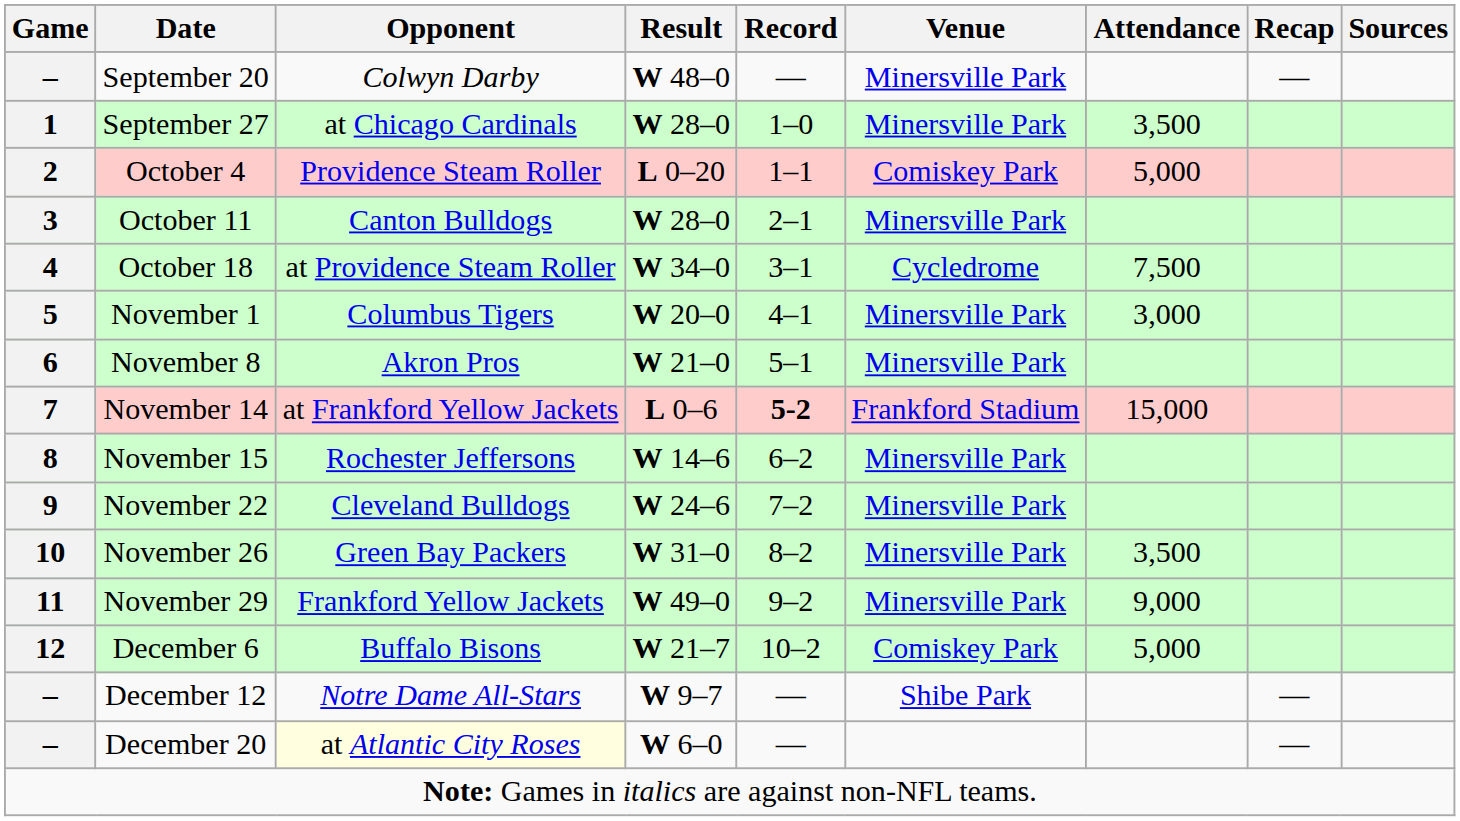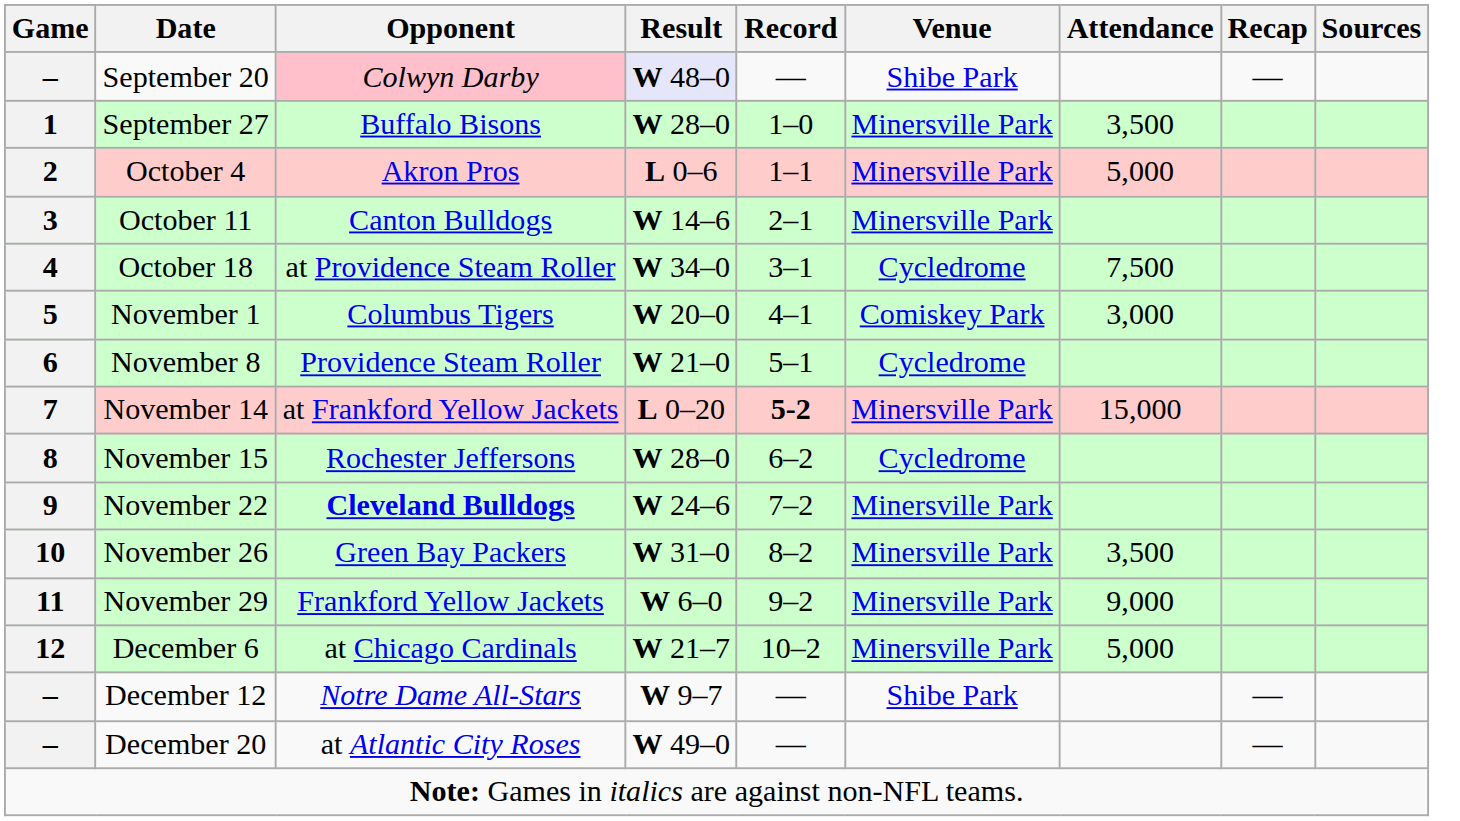 <table class="wikitable" style="text-align:center">
 <tr>
 <th>Game</th>
 <th>Date</th>
 <th>Opponent</th>
 <th>Result</th>
 <th>Record</th>
 <th>Venue</th>
 <th>Attendance</th>
 <th>Recap</th>
 <th>Sources</th>
 </tr>
 <tr>
 <th>–</th>
 <td>September 20</td>
-<td><em>Colwyn Darby</em></td>
-<td><strong>W</strong> 48–0</td>
+<td style="background: pink;"><em>Colwyn Darby</em></td>
+<td style="background: lavender;"><strong>W</strong> 48–0</td>
 <td>—</td>
-<td><a href='#'>Minersville Park</a></td>
+<td><a href='#'>Shibe Park</a></td>
 <td></td>
 <td>—</td>
 <td></td>
 </tr>
 <tr style="background:#cfc">
 <th>1</th>
 <td>September 27</td>
-<td>at <a href='#'>Chicago Cardinals</a></td>
+<td><a href='#'>Buffalo Bisons</a></td>
 <td><strong>W</strong> 28–0</td>
 <td>1–0</td>
 <td><a href='#'>Minersville Park</a></td>
 <td>3,500</td>
 <td></td>
 <td></td>
 </tr>
 <tr style="background:#fcc">
 <th>2</th>
 <td>October 4</td>
-<td><a href='#'>Providence Steam Roller</a></td>
-<td><strong>L</strong> 0–20</td>
+<td><a href='#'>Akron Pros</a></td>
+<td><strong>L</strong> 0–6</td>
 <td>1–1</td>
-<td><a href='#'>Comiskey Park</a></td>
+<td><a href='#'>Minersville Park</a></td>
 <td>5,000</td>
 <td></td>
 <td></td>
 </tr>
 <tr style="background:#cfc">
 <th>3</th>
 <td>October 11</td>
 <td><a href='#'>Canton Bulldogs</a></td>
-<td><strong>W</strong> 28–0</td>
+<td><strong>W</strong> 14–6</td>
 <td>2–1</td>
 <td><a href='#'>Minersville Park</a></td>
 <td></td>
 <td></td>
 <td></td>
 </tr>
 <tr style="background:#cfc">
 <th>4</th>
 <td>October 18</td>
 <td>at <a href='#'>Providence Steam Roller</a></td>
 <td><strong>W</strong> 34–0</td>
 <td>3–1</td>
 <td><a href='#'>Cycledrome</a></td>
 <td>7,500</td>
 <td></td>
 <td></td>
 </tr>
 <tr style="background:#cfc">
 <th>5</th>
 <td>November 1</td>
 <td><a href='#'>Columbus Tigers</a></td>
 <td><strong>W</strong> 20–0</td>
 <td>4–1</td>
-<td><a href='#'>Minersville Park</a></td>
+<td><a href='#'>Comiskey Park</a></td>
 <td>3,000</td>
 <td></td>
 <td></td>
 </tr>
 <tr style="background:#cfc">
 <th>6</th>
 <td>November 8</td>
-<td><a href='#'>Akron Pros</a></td>
+<td><a href='#'>Providence Steam Roller</a></td>
 <td><strong>W</strong> 21–0</td>
 <td>5–1</td>
-<td><a href='#'>Minersville Park</a></td>
+<td><a href='#'>Cycledrome</a></td>
 <td></td>
 <td></td>
 <td></td>
 </tr>
 <tr style="background:#fcc">
 <th>7</th>
 <td>November 14</td>
 <td>at <a href='#'>Frankford Yellow Jackets</a></td>
-<td><strong>L</strong> 0–6</td>
+<td><strong>L</strong> 0–20</td>
 <td><strong>5-2</strong></td>
-<td><a href='#'>Frankford Stadium</a></td>
+<td><a href='#'>Minersville Park</a></td>
 <td>15,000</td>
 <td></td>
 <td></td>
 </tr>
 <tr style="background:#cfc">
 <th>8</th>
 <td>November 15</td>
 <td><a href='#'>Rochester Jeffersons</a></td>
-<td><strong>W</strong> 14–6</td>
+<td><strong>W</strong> 28–0</td>
 <td>6–2</td>
-<td><a href='#'>Minersville Park</a></td>
+<td><a href='#'>Cycledrome</a></td>
 <td></td>
 <td></td>
 <td></td>
 </tr>
 <tr style="background:#cfc">
 <th>9</th>
 <td>November 22</td>
-<td><a href='#'>Cleveland Bulldogs</a></td>
+<td><strong><a href='#'>Cleveland Bulldogs</a></strong></td>
 <td><strong>W</strong> 24–6</td>
 <td>7–2</td>
 <td><a href='#'>Minersville Park</a></td>
 <td></td>
 <td></td>
 <td></td>
 </tr>
 <tr style="background:#cfc">
 <th>10</th>
 <td>November 26</td>
 <td><a href='#'>Green Bay Packers</a></td>
 <td><strong>W</strong> 31–0</td>
 <td>8–2</td>
 <td><a href='#'>Minersville Park</a></td>
 <td>3,500</td>
 <td></td>
 <td></td>
 </tr>
 <tr style="background:#cfc">
 <th>11</th>
 <td>November 29</td>
 <td><a href='#'>Frankford Yellow Jackets</a></td>
-<td><strong>W</strong> 49–0</td>
+<td><strong>W</strong> 6–0</td>
 <td>9–2</td>
 <td><a href='#'>Minersville Park</a></td>
 <td>9,000</td>
 <td></td>
 <td></td>
 </tr>
 <tr style="background:#cfc">
 <th>12</th>
 <td>December 6</td>
-<td><a href='#'>Buffalo Bisons</a></td>
+<td>at <a href='#'>Chicago Cardinals</a></td>
 <td><strong>W</strong> 21–7</td>
 <td>10–2</td>
-<td><a href='#'>Comiskey Park</a></td>
+<td><a href='#'>Minersville Park</a></td>
 <td>5,000</td>
 <td></td>
 <td></td>
 </tr>
 <tr>
 <th>–</th>
 <td>December 12</td>
 <td><em><a href='#'>Notre Dame All-Stars</a></em></td>
 <td><strong>W</strong> 9–7</td>
 <td>—</td>
 <td><a href='#'>Shibe Park</a></td>
 <td></td>
 <td>—</td>
 <td></td>
 </tr>
 <tr>
 <th>–</th>
 <td>December 20</td>
-<td style="background: lightyellow;">at <em><a href='#'>Atlantic City Roses</a></em></td>
-<td><strong>W</strong> 6–0</td>
+<td>at <em><a href='#'>Atlantic City Roses</a></em></td>
+<td><strong>W</strong> 49–0</td>
 <td>—</td>
 <td></td>
 <td></td>
 <td>—</td>
 <td></td>
 </tr>
 <tr>
 <td colspan="10"><strong>Note:</strong> Games in <em>italics</em> are against non-NFL teams.</td>
 </tr>
 </table>
